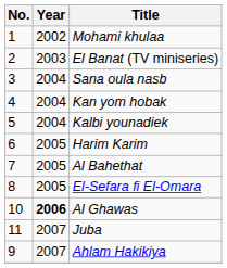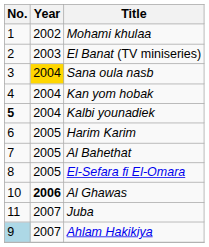 <table class="wikitable sortable">
 <tr>
 <th>No.</th>
 <th>Year</th>
 <th>Title</th>
 </tr>
 <tr>
 <td>1</td>
 <td>2002</td>
 <td><em>Mohami khulaa</em></td>
 </tr>
 <tr>
 <td>2</td>
 <td>2003</td>
 <td><em>El Banat</em> (TV miniseries)</td>
 </tr>
 <tr>
 <td>3</td>
-<td>2004</td>
+<td style="background: gold;">2004</td>
 <td><em>Sana oula nasb</em></td>
 </tr>
 <tr>
 <td>4</td>
 <td>2004</td>
 <td><em>Kan yom hobak</em></td>
 </tr>
 <tr>
-<td>5</td>
+<td><strong>5</strong></td>
 <td>2004</td>
 <td><em>Kalbi younadiek</em></td>
 </tr>
 <tr>
 <td>6</td>
 <td>2005</td>
 <td><em>Harim Karim</em></td>
 </tr>
 <tr>
 <td>7</td>
 <td>2005</td>
 <td><em>Al Bahethat</em></td>
 </tr>
 <tr>
 <td>8</td>
 <td>2005</td>
 <td><em><a href='#'>El-Sefara fi El-Omara</a></em></td>
 </tr>
 <tr>
 <td>10</td>
 <td><strong>2006</strong></td>
 <td><em>Al Ghawas</em></td>
 </tr>
 <tr>
 <td>11</td>
 <td>2007</td>
 <td><em>Juba</em></td>
 </tr>
 <tr>
-<td>9</td>
+<td style="background: lightblue;">9</td>
 <td>2007</td>
 <td><em><a href='#'>Ahlam Hakikiya</a></em></td>
 </tr>
 <tr>
 </tr>
 </table>
